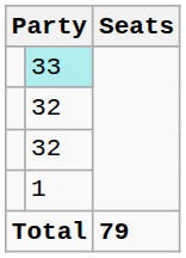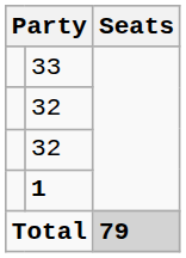 <table class="wikitable">
 <tr>
 <th colspan=2>Party</th>
 <th>Seats</th>
 </tr>
 <tr>
 <td></td>
-<td style="background: paleturquoise;">33</td>
+<td>33</td>
 </tr>
 <tr>
 <td></td>
 <td>32</td>
 </tr>
 <tr>
 <td></td>
 <td>32</td>
 </tr>
 <tr>
 <td></td>
-<td>1</td>
+<td><strong>1</strong></td>
 </tr>
 <tr>
 <td colspan="2"><strong>Total</strong></td>
-<td><strong>79</strong></td>
+<td style="background: lightgrey;"><strong>79</strong></td>
 </tr>
 </table>
